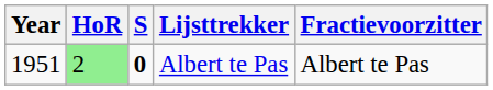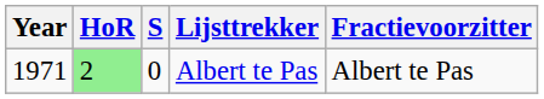 <table class="wikitable sortable plainrowheaders">
 <tr>
 <th>Year</th>
 <th><a href='#'>HoR</a></th>
 <th><a href='#'>S</a></th>
 <th><a href='#'>Lijsttrekker</a></th>
 <th><a href='#'>Fractievoorzitter</a></th>
 </tr>
 <tr>
-<td>1951</td>
+<td>1971</td>
 <td style="background: lightgreen;">2</td>
-<td><strong>0</strong></td>
+<td>0</td>
 <td><a href='#'>Albert te Pas</a></td>
 <td>Albert te Pas</td>
 </tr>
 </table>
